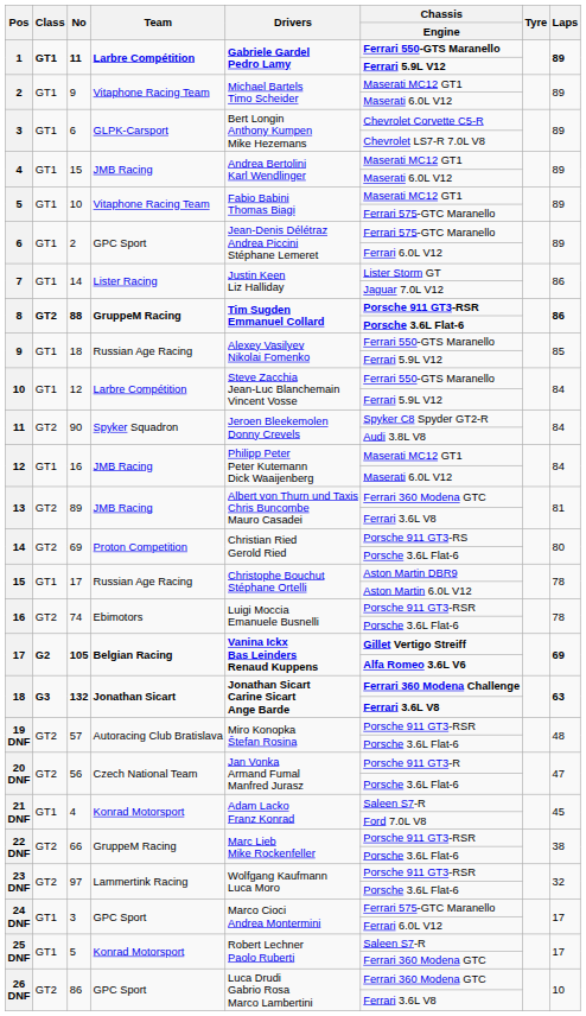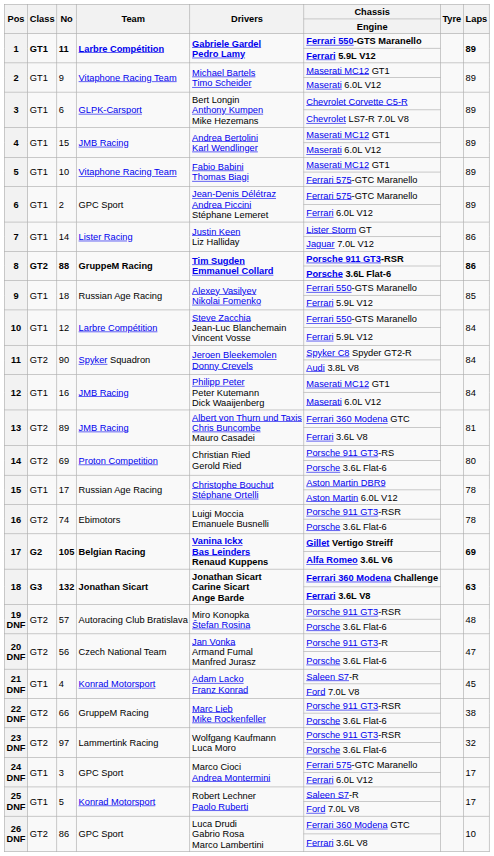 <table class="wikitable" style="font-size: 95%;">
 <tr>
 <th rowspan=2>Pos</th>
 <th rowspan=2>Class</th>
 <th rowspan=2>No</th>
 <th rowspan=2>Team</th>
 <th rowspan=2>Drivers</th>
 <th>Chassis</th>
 <th rowspan=2>Tyre</th>
 <th rowspan=2>Laps</th>
 </tr>
 <tr>
 <th>Engine</th>
 </tr>
 <tr style="font-weight:bold">
 <th rowspan=2>1</th>
 <td rowspan=2>GT1</td>
 <td rowspan=2>11</td>
 <td rowspan=2> <a href='#'>Larbre Compétition</a></td>
 <td rowspan=2> <a href='#'>Gabriele Gardel</a><br> <a href='#'>Pedro Lamy</a></td>
 <td><a href='#'>Ferrari 550</a>-GTS Maranello</td>
 <td rowspan=2></td>
 <td rowspan=2>89</td>
 </tr>
 <tr style="font-weight:bold">
 <td><a href='#'>Ferrari</a> 5.9L V12</td>
 </tr>
 <tr>
 <th rowspan=2>2</th>
 <td rowspan=2>GT1</td>
 <td rowspan=2>9</td>
 <td rowspan=2> <a href='#'>Vitaphone Racing Team</a></td>
 <td rowspan=2> <a href='#'>Michael Bartels</a><br> <a href='#'>Timo Scheider</a></td>
 <td><a href='#'>Maserati MC12</a> GT1</td>
 <td rowspan=2></td>
 <td rowspan=2>89</td>
 </tr>
 <tr>
 <td><a href='#'>Maserati</a> 6.0L V12</td>
 </tr>
 <tr>
 <th rowspan=2>3</th>
 <td rowspan=2>GT1</td>
 <td rowspan=2>6</td>
 <td rowspan=2> <a href='#'>GLPK-Carsport</a></td>
 <td rowspan=2> Bert Longin<br> <a href='#'>Anthony Kumpen</a><br> Mike Hezemans</td>
 <td><a href='#'>Chevrolet Corvette C5-R</a></td>
 <td rowspan=2></td>
 <td rowspan=2>89</td>
 </tr>
 <tr>
 <td><a href='#'>Chevrolet</a> LS7-R 7.0L V8</td>
 </tr>
 <tr>
 <th rowspan=2>4</th>
 <td rowspan=2>GT1</td>
 <td rowspan=2>15</td>
 <td rowspan=2> <a href='#'>JMB Racing</a></td>
 <td rowspan=2> <a href='#'>Andrea Bertolini</a><br> <a href='#'>Karl Wendlinger</a></td>
 <td><a href='#'>Maserati MC12</a> GT1</td>
 <td rowspan=2></td>
 <td rowspan=2>89</td>
 </tr>
 <tr>
 <td><a href='#'>Maserati</a> 6.0L V12</td>
 </tr>
 <tr>
 <th rowspan=2>5</th>
 <td rowspan=2>GT1</td>
 <td rowspan=2>10</td>
 <td rowspan=2> <a href='#'>Vitaphone Racing Team</a></td>
 <td rowspan=2> <a href='#'>Fabio Babini</a><br> <a href='#'>Thomas Biagi</a></td>
 <td><a href='#'>Maserati MC12</a> GT1</td>
 <td rowspan=2></td>
 <td rowspan=2>89</td>
 </tr>
 <tr>
 <td><a href='#'>Ferrari 575</a>-GTC Maranello</td>
 </tr>
 <tr>
 <th rowspan=2>6</th>
 <td rowspan=2>GT1</td>
 <td rowspan=2>2</td>
 <td rowspan=2> GPC Sport</td>
 <td rowspan=2> <a href='#'>Jean-Denis Délétraz</a><br> <a href='#'>Andrea Piccini</a><br> Stéphane Lemeret</td>
 <td><a href='#'>Ferrari 575</a>-GTC Maranello</td>
 <td rowspan=2></td>
 <td rowspan=2>89</td>
 </tr>
 <tr>
 <td><a href='#'>Ferrari</a> 6.0L V12</td>
 </tr>
 <tr>
 <th rowspan=2>7</th>
 <td rowspan=2>GT1</td>
 <td rowspan=2>14</td>
 <td rowspan=2> <a href='#'>Lister Racing</a></td>
 <td rowspan=2> <a href='#'>Justin Keen</a><br> Liz Halliday</td>
 <td><a href='#'>Lister Storm</a> GT</td>
 <td rowspan=2></td>
 <td rowspan=2>86</td>
 </tr>
 <tr>
 <td><a href='#'>Jaguar</a> 7.0L V12</td>
 </tr>
 <tr style="font-weight:bold">
 <th rowspan=2>8</th>
 <td rowspan=2>GT2</td>
 <td rowspan=2>88</td>
 <td rowspan=2> GruppeM Racing</td>
 <td rowspan=2> <a href='#'>Tim Sugden</a><br> <a href='#'>Emmanuel Collard</a></td>
 <td><a href='#'>Porsche 911 GT3</a>-RSR</td>
 <td rowspan=2></td>
 <td rowspan=2>86</td>
 </tr>
 <tr style="font-weight:bold">
 <td><a href='#'>Porsche</a> 3.6L Flat-6</td>
 </tr>
 <tr>
 <th rowspan=2>9</th>
 <td rowspan=2>GT1</td>
 <td rowspan=2>18</td>
 <td rowspan=2> Russian Age Racing</td>
 <td rowspan=2> <a href='#'>Alexey Vasilyev</a><br> <a href='#'>Nikolai Fomenko</a></td>
 <td><a href='#'>Ferrari 550</a>-GTS Maranello</td>
 <td rowspan=2></td>
 <td rowspan=2>85</td>
 </tr>
 <tr>
 <td><a href='#'>Ferrari</a> 5.9L V12</td>
 </tr>
 <tr>
 <th rowspan=2>10</th>
 <td rowspan=2>GT1</td>
 <td rowspan=2>12</td>
 <td rowspan=2> <a href='#'>Larbre Compétition</a></td>
 <td rowspan=2> <a href='#'>Steve Zacchia</a><br> Jean-Luc Blanchemain<br> Vincent Vosse</td>
 <td><a href='#'>Ferrari 550</a>-GTS Maranello</td>
 <td rowspan=2></td>
 <td rowspan=2>84</td>
 </tr>
 <tr>
 <td><a href='#'>Ferrari</a> 5.9L V12</td>
 </tr>
 <tr>
 <th rowspan=2>11</th>
 <td rowspan=2>GT2</td>
 <td rowspan=2>90</td>
 <td rowspan=2> <a href='#'>Spyker</a> Squadron</td>
 <td rowspan=2> <a href='#'>Jeroen Bleekemolen</a><br> <a href='#'>Donny Crevels</a></td>
 <td><a href='#'>Spyker C8</a> Spyder GT2-R</td>
 <td rowspan=2></td>
 <td rowspan=2>84</td>
 </tr>
 <tr>
 <td><a href='#'>Audi</a> 3.8L V8</td>
 </tr>
 <tr>
 <th rowspan=2>12</th>
 <td rowspan=2>GT1</td>
 <td rowspan=2>16</td>
 <td rowspan=2> <a href='#'>JMB Racing</a></td>
 <td rowspan=2> <a href='#'>Philipp Peter</a><br> Peter Kutemann<br> Dick Waaijenberg</td>
 <td><a href='#'>Maserati MC12</a> GT1</td>
 <td rowspan=2></td>
 <td rowspan=2>84</td>
 </tr>
 <tr>
 <td><a href='#'>Maserati</a> 6.0L V12</td>
 </tr>
 <tr>
 <th rowspan=2>13</th>
 <td rowspan=2>GT2</td>
 <td rowspan=2>89</td>
 <td rowspan=2> <a href='#'>JMB Racing</a></td>
 <td rowspan=2> <a href='#'>Albert von Thurn und Taxis</a><br> <a href='#'>Chris Buncombe</a><br> Mauro Casadei</td>
 <td><a href='#'>Ferrari 360 Modena</a> GTC</td>
 <td rowspan=2></td>
 <td rowspan=2>81</td>
 </tr>
 <tr>
 <td><a href='#'>Ferrari</a> 3.6L V8</td>
 </tr>
 <tr>
 <th rowspan=2>14</th>
 <td rowspan=2>GT2</td>
 <td rowspan=2>69</td>
 <td rowspan=2> <a href='#'>Proton Competition</a></td>
 <td rowspan=2> Christian Ried<br> Gerold Ried</td>
 <td><a href='#'>Porsche 911 GT3</a>-RS</td>
 <td rowspan=2></td>
 <td rowspan=2>80</td>
 </tr>
 <tr>
 <td><a href='#'>Porsche</a> 3.6L Flat-6</td>
 </tr>
 <tr>
 <th rowspan=2>15</th>
 <td rowspan=2>GT1</td>
 <td rowspan=2>17</td>
 <td rowspan=2> Russian Age Racing</td>
 <td rowspan=2> <a href='#'>Christophe Bouchut</a><br> <a href='#'>Stéphane Ortelli</a></td>
 <td><a href='#'>Aston Martin DBR9</a></td>
 <td rowspan=2></td>
 <td rowspan=2>78</td>
 </tr>
 <tr>
 <td><a href='#'>Aston Martin</a> 6.0L V12</td>
 </tr>
 <tr>
 <th rowspan=2>16</th>
 <td rowspan=2>GT2</td>
 <td rowspan=2>74</td>
 <td rowspan=2> Ebimotors</td>
 <td rowspan=2> Luigi Moccia<br> Emanuele Busnelli</td>
 <td><a href='#'>Porsche 911 GT3</a>-RSR</td>
 <td rowspan=2></td>
 <td rowspan=2>78</td>
 </tr>
 <tr>
 <td><a href='#'>Porsche</a> 3.6L Flat-6</td>
 </tr>
 <tr style="font-weight:bold">
 <th rowspan=2>17</th>
 <td rowspan=2>G2</td>
 <td rowspan=2>105</td>
 <td rowspan=2> Belgian Racing</td>
 <td rowspan=2> <a href='#'>Vanina Ickx</a><br> <a href='#'>Bas Leinders</a><br> Renaud Kuppens</td>
 <td><a href='#'>Gillet</a> Vertigo Streiff</td>
 <td rowspan=2></td>
 <td rowspan=2>69</td>
 </tr>
 <tr style="font-weight:bold">
 <td><a href='#'>Alfa Romeo</a> 3.6L V6</td>
 </tr>
 <tr style="font-weight:bold">
 <th rowspan=2>18</th>
 <td rowspan=2>G3</td>
 <td rowspan=2>132</td>
 <td rowspan=2> Jonathan Sicart</td>
 <td rowspan=2> Jonathan Sicart<br> Carine Sicart<br> Ange Barde</td>
 <td><a href='#'>Ferrari 360 Modena</a> Challenge</td>
 <td rowspan=2></td>
 <td rowspan=2>63</td>
 </tr>
 <tr style="font-weight:bold">
 <td><a href='#'>Ferrari</a> 3.6L V8</td>
 </tr>
 <tr>
 <th rowspan=2>19<br>DNF</th>
 <td rowspan=2>GT2</td>
 <td rowspan=2>57</td>
 <td rowspan=2> Autoracing Club Bratislava</td>
 <td rowspan=2> Miro Konopka<br> <a href='#'>Štefan Rosina</a></td>
 <td><a href='#'>Porsche 911 GT3</a>-RSR</td>
 <td rowspan=2></td>
 <td rowspan=2>48</td>
 </tr>
 <tr>
 <td><a href='#'>Porsche</a> 3.6L Flat-6</td>
 </tr>
 <tr>
 <th rowspan=2>20<br>DNF</th>
 <td rowspan=2>GT2</td>
 <td rowspan=2>56</td>
 <td rowspan=2> Czech National Team</td>
 <td rowspan=2> <a href='#'>Jan Vonka</a><br> Armand Fumal<br> Manfred Jurasz</td>
 <td><a href='#'>Porsche 911 GT3</a>-R</td>
 <td rowspan=2></td>
 <td rowspan=2>47</td>
 </tr>
 <tr>
 <td><a href='#'>Porsche</a> 3.6L Flat-6</td>
 </tr>
 <tr>
 <th rowspan=2>21<br>DNF</th>
 <td rowspan=2>GT1</td>
 <td rowspan=2>4</td>
 <td rowspan=2> <a href='#'>Konrad Motorsport</a></td>
 <td rowspan=2> <a href='#'>Adam Lacko</a><br> <a href='#'>Franz Konrad</a></td>
 <td><a href='#'>Saleen S7</a>-R</td>
 <td rowspan=2></td>
 <td rowspan=2>45</td>
 </tr>
 <tr>
 <td><a href='#'>Ford</a> 7.0L V8</td>
 </tr>
 <tr>
 <th rowspan=2>22<br>DNF</th>
 <td rowspan=2>GT2</td>
 <td rowspan=2>66</td>
 <td rowspan=2> GruppeM Racing</td>
 <td rowspan=2> <a href='#'>Marc Lieb</a><br> <a href='#'>Mike Rockenfeller</a></td>
 <td><a href='#'>Porsche 911 GT3</a>-RSR</td>
 <td rowspan=2></td>
 <td rowspan=2>38</td>
 </tr>
 <tr>
 <td><a href='#'>Porsche</a> 3.6L Flat-6</td>
 </tr>
 <tr>
 <th rowspan=2>23<br>DNF</th>
 <td rowspan=2>GT2</td>
 <td rowspan=2>97</td>
 <td rowspan=2> Lammertink Racing</td>
 <td rowspan=2> Wolfgang Kaufmann<br> Luca Moro</td>
 <td><a href='#'>Porsche 911 GT3</a>-RSR</td>
 <td rowspan=2></td>
 <td rowspan=2>32</td>
 </tr>
 <tr>
 <td><a href='#'>Porsche</a> 3.6L Flat-6</td>
 </tr>
 <tr>
 <th rowspan=2>24<br>DNF</th>
 <td rowspan=2>GT1</td>
 <td rowspan=2>3</td>
 <td rowspan=2> GPC Sport</td>
 <td rowspan=2> Marco Cioci<br> <a href='#'>Andrea Montermini</a></td>
 <td><a href='#'>Ferrari 575</a>-GTC Maranello</td>
 <td rowspan=2></td>
 <td rowspan=2>17</td>
 </tr>
 <tr>
 <td><a href='#'>Ferrari</a> 6.0L V12</td>
 </tr>
 <tr>
 <th rowspan=2>25<br>DNF</th>
 <td rowspan=2>GT1</td>
 <td rowspan=2>5</td>
 <td rowspan=2> <a href='#'>Konrad Motorsport</a></td>
 <td rowspan=2> Robert Lechner<br> <a href='#'>Paolo Ruberti</a></td>
 <td><a href='#'>Saleen S7</a>-R</td>
 <td rowspan=2></td>
 <td rowspan=2>17</td>
 </tr>
 <tr>
-<td><a href='#'>Ferrari 360 Modena</a> GTC</td>
+<td><a href='#'>Ford</a> 7.0L V8</td>
 </tr>
 <tr>
 <th rowspan=2>26<br>DNF</th>
 <td rowspan=2>GT2</td>
 <td rowspan=2>86</td>
 <td rowspan=2> GPC Sport</td>
 <td rowspan=2> Luca Drudi<br> Gabrio Rosa<br> Marco Lambertini</td>
 <td><a href='#'>Ferrari 360 Modena</a> GTC</td>
 <td rowspan=2></td>
 <td rowspan=2>10</td>
 </tr>
 <tr>
 <td><a href='#'>Ferrari</a> 3.6L V8</td>
 </tr>
 </table>
